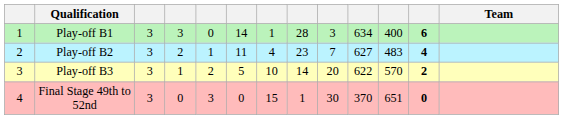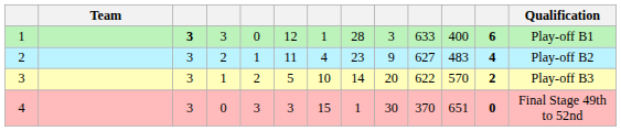 <table class=wikitable style="text-align:center" width=730>
 <tr>
 <th width=5.5%></th>
-<th width=18%>Qualification</th>
+<th width=22%>Team</th>
 <th width=5.5%></th>
 <th width=5.5%></th>
 <th width=5.5%></th>
 <th width=5.5%></th>
 <th width=5.5%></th>
 <th width=5.5%></th>
 <th width=5.5%></th>
 <th width=5.5%></th>
 <th width=5.5%></th>
 <th width=5.5%></th>
-<th width=22%>Team</th>
+<th width=18%>Qualification</th>
 </tr>
 <tr bgcolor=#bbf3bb>
 <td>1</td>
-<td>Play-off B1</td>
-<td>3</td>
+<td style="text-align:left"></td>
+<td><strong>3</strong></td>
 <td>3</td>
 <td>0</td>
-<td>14</td>
+<td>12</td>
 <td>1</td>
 <td>28</td>
 <td>3</td>
-<td>634</td>
+<td>633</td>
 <td>400</td>
 <td><strong>6</strong></td>
-<td style="text-align:left"></td>
+<td>Play-off B1</td>
 </tr>
 <tr bgcolor=#bbf3ff>
 <td>2</td>
-<td>Play-off B2</td>
+<td style="text-align:left"></td>
 <td>3</td>
 <td>2</td>
 <td>1</td>
 <td>11</td>
 <td>4</td>
 <td>23</td>
-<td>7</td>
+<td>9</td>
 <td>627</td>
 <td>483</td>
 <td><strong>4</strong></td>
-<td style="text-align:left"></td>
+<td>Play-off B2</td>
 </tr>
 <tr bgcolor=#ffffbb>
 <td>3</td>
-<td>Play-off B3</td>
+<td style="text-align:left"></td>
 <td>3</td>
 <td>1</td>
 <td>2</td>
 <td>5</td>
 <td>10</td>
 <td>14</td>
 <td>20</td>
 <td>622</td>
 <td>570</td>
 <td><strong>2</strong></td>
-<td style="text-align:left"></td>
+<td>Play-off B3</td>
 </tr>
 <tr bgcolor=#ffbbbb>
 <td>4</td>
-<td>Final Stage 49th to 52nd</td>
+<td style="text-align:left"></td>
 <td>3</td>
 <td>0</td>
 <td>3</td>
-<td>0</td>
+<td>3</td>
 <td>15</td>
 <td>1</td>
 <td>30</td>
 <td>370</td>
 <td>651</td>
 <td><strong>0</strong></td>
-<td style="text-align:left"></td>
+<td>Final Stage 49th to 52nd</td>
 </tr>
 </table>
